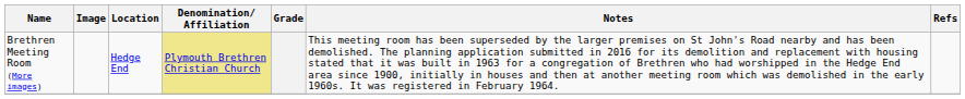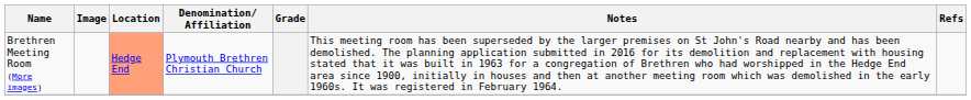 <table class="wikitable sortable">
 <tr>
 <th align="center">Name</th>
 <th align="center" class="unsortable">Image</th>
 <th align="center">Location</th>
 <th align="center">Denomination/<br>Affiliation</th>
 <th align="center">Grade</th>
 <th align="center" class="unsortable">Notes</th>
 <th align="center" class="unsortable">Refs</th>
 </tr>
 <tr>
 <td>Brethren Meeting Room<br><small>(<a href='#'>More images</a>)</small></td>
 <td></td>
-<td><a href='#'>Hedge End</a><br></td>
-<td style="background: khaki;"><a href='#'>Plymouth Brethren Christian Church</a></td>
+<td style="background: lightsalmon;"><a href='#'>Hedge End</a><br></td>
+<td><a href='#'>Plymouth Brethren Christian Church</a></td>
 <th align="center"></th>
 <td>This meeting room has been superseded by the larger premises on St John's Road nearby and has been demolished.  The planning application submitted in 2016 for its demolition and replacement with housing stated that it was built in 1963 for a congregation of Brethren who had worshipped in the Hedge End area since 1900, initially in houses and then at another meeting room which was demolished in the early 1960s.  It was registered in February 1964.</td>
 <td><br></td>
 </tr>
 <tr>
 </tr>
 </table>
